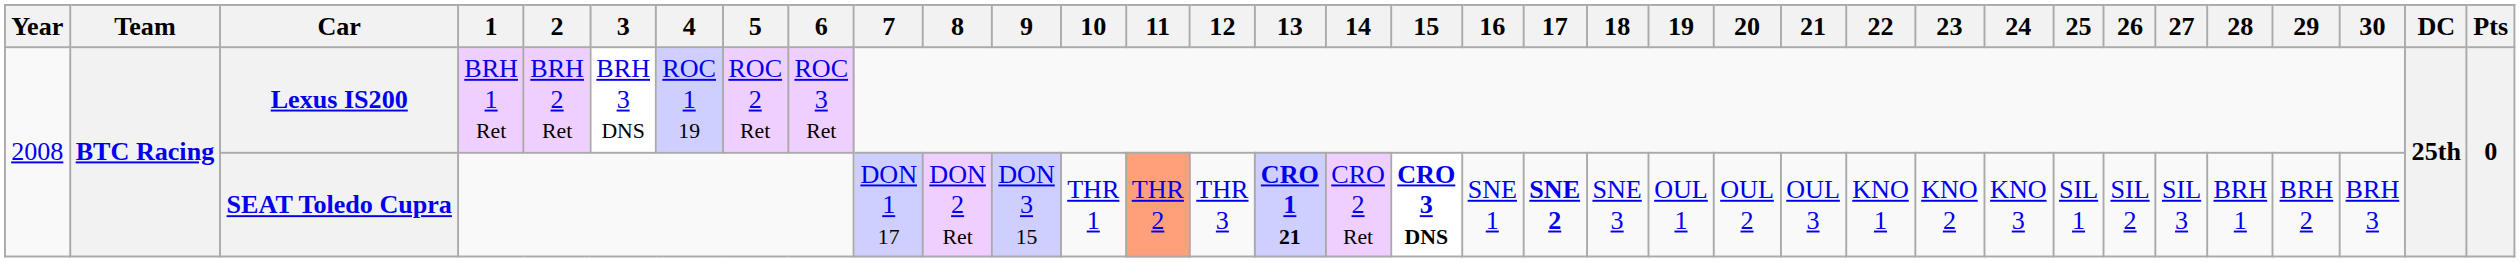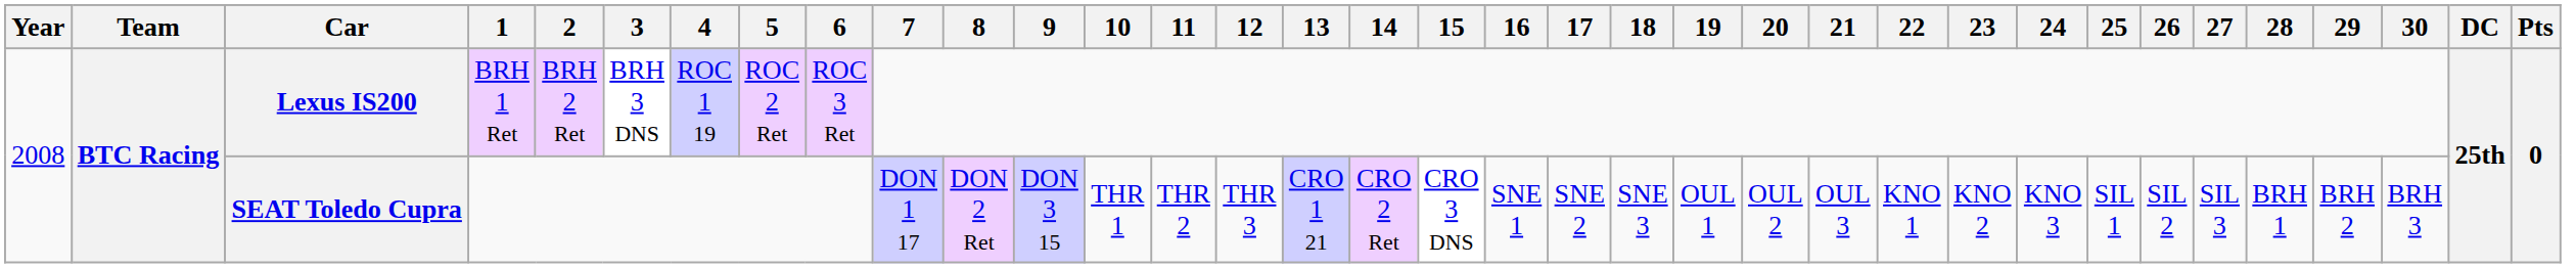 <table class="wikitable" style="text-align:center; font-size:85%">
 <tr>
 <th>Year</th>
 <th>Team</th>
 <th>Car</th>
 <th>1</th>
 <th>2</th>
 <th>3</th>
 <th>4</th>
 <th>5</th>
 <th>6</th>
 <th>7</th>
 <th>8</th>
 <th>9</th>
 <th>10</th>
 <th>11</th>
 <th>12</th>
 <th>13</th>
 <th>14</th>
 <th>15</th>
 <th>16</th>
 <th>17</th>
 <th>18</th>
 <th>19</th>
 <th>20</th>
 <th>21</th>
 <th>22</th>
 <th>23</th>
 <th>24</th>
 <th>25</th>
 <th>26</th>
 <th>27</th>
 <th>28</th>
 <th>29</th>
 <th>30</th>
 <th>DC</th>
 <th>Pts</th>
 </tr>
 <tr>
 <td rowspan=2><a href='#'>2008</a></td>
 <th nowrap rowspan=2><a href='#'>BTC Racing</a></th>
 <th nowrap><a href='#'>Lexus IS200</a></th>
 <td style="background:#EFCFFF;"><a href='#'>BRH<br>1</a><br><small>Ret</small></td>
 <td style="background:#EFCFFF;"><a href='#'>BRH<br>2</a><br><small>Ret</small></td>
 <td style="background:#FFFFFF;"><a href='#'>BRH<br>3</a><br><small>DNS</small></td>
 <td style="background:#CFCFFF;"><a href='#'>ROC<br>1</a><br><small>19</small></td>
 <td style="background:#EFCFFF;"><a href='#'>ROC<br>2</a><br><small>Ret</small></td>
 <td style="background:#EFCFFF;"><a href='#'>ROC<br>3</a><br><small>Ret</small></td>
 <td colspan=24></td>
 <th rowspan=2>25th</th>
 <th rowspan=2>0</th>
 </tr>
 <tr>
 <th nowrap><a href='#'>SEAT Toledo Cupra</a></th>
 <td colspan=6></td>
 <td style="background:#CFCFFF;"><a href='#'>DON<br>1</a><br><small>17</small></td>
 <td style="background:#EFCFFF;"><a href='#'>DON<br>2</a><br><small>Ret</small></td>
 <td style="background:#CFCFFF;"><a href='#'>DON<br>3</a><br><small>15</small></td>
 <td><a href='#'>THR<br>1</a><br><small></small></td>
-<td style="background: lightsalmon;"><a href='#'>THR<br>2</a><br><small></small></td>
+<td><a href='#'>THR<br>2</a><br><small></small></td>
 <td><a href='#'>THR<br>3</a><br><small></small></td>
-<td style="background:#CFCFFF;"><strong><a href='#'>CRO<br>1</a><br><small>21</small></strong></td>
+<td style="background:#CFCFFF;"><a href='#'>CRO<br>1</a><br><small>21</small></td>
 <td style="background:#EFCFFF;"><a href='#'>CRO<br>2</a><br><small>Ret</small></td>
-<td style="background:#FFFFFF;"><strong><a href='#'>CRO<br>3</a><br><small>DNS</small></strong></td>
+<td style="background:#FFFFFF;"><a href='#'>CRO<br>3</a><br><small>DNS</small></td>
 <td><a href='#'>SNE<br>1</a><br><small></small></td>
-<td><strong><a href='#'>SNE<br>2</a><br><small></small></strong></td>
+<td><a href='#'>SNE<br>2</a><br><small></small></td>
 <td><a href='#'>SNE<br>3</a><br><small></small></td>
 <td><a href='#'>OUL<br>1</a><br><small></small></td>
 <td><a href='#'>OUL<br>2</a><br><small></small></td>
 <td><a href='#'>OUL<br>3</a><br><small></small></td>
 <td><a href='#'>KNO<br>1</a><br><small></small></td>
 <td><a href='#'>KNO<br>2</a><br><small></small></td>
 <td><a href='#'>KNO<br>3</a><br><small></small></td>
 <td><a href='#'>SIL<br>1</a><br><small></small></td>
 <td><a href='#'>SIL<br>2</a><br><small></small></td>
 <td><a href='#'>SIL<br>3</a><br><small></small></td>
 <td><a href='#'>BRH<br>1</a><br><small></small></td>
 <td><a href='#'>BRH<br>2</a><br><small></small></td>
 <td><a href='#'>BRH<br>3</a><br><small></small></td>
 </tr>
 </table>
